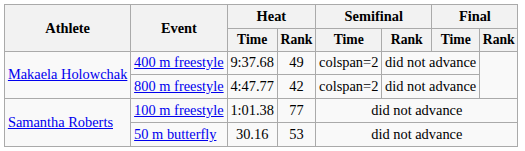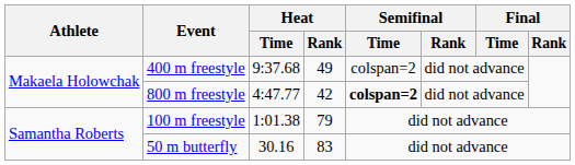 <table class=wikitable style=font-size:90%>
 <tr>
 <th rowspan=2>Athlete</th>
 <th rowspan=2>Event</th>
 <th colspan=2>Heat</th>
 <th colspan=2>Semifinal</th>
 <th colspan=2>Final</th>
 </tr>
 <tr style=font-size:95%>
 <th>Time</th>
 <th>Rank</th>
 <th>Time</th>
 <th>Rank</th>
 <th>Time</th>
 <th>Rank</th>
 </tr>
 <tr align=center>
 <td align=left rowspan=2><a href='#'>Makaela Holowchak</a></td>
 <td align=left><a href='#'>400 m freestyle</a></td>
 <td>9:37.68</td>
 <td>49</td>
 <td>colspan=2 </td>
 <td colspan=2>did not advance</td>
 </tr>
 <tr align=center>
 <td align=left><a href='#'>800 m freestyle</a></td>
 <td>4:47.77</td>
 <td>42</td>
-<td>colspan=2 </td>
+<td><strong>colspan=2 </strong></td>
 <td colspan=2>did not advance</td>
 </tr>
 <tr align=center>
 <td align=left rowspan=2><a href='#'>Samantha Roberts</a></td>
 <td align=left><a href='#'>100 m freestyle</a></td>
 <td>1:01.38</td>
-<td>77</td>
+<td>79</td>
 <td colspan=4>did not advance</td>
 </tr>
 <tr align=center>
 <td align=left><a href='#'>50 m butterfly</a></td>
 <td>30.16</td>
-<td>53</td>
+<td>83</td>
 <td colspan=4>did not advance</td>
 </tr>
 </table>
